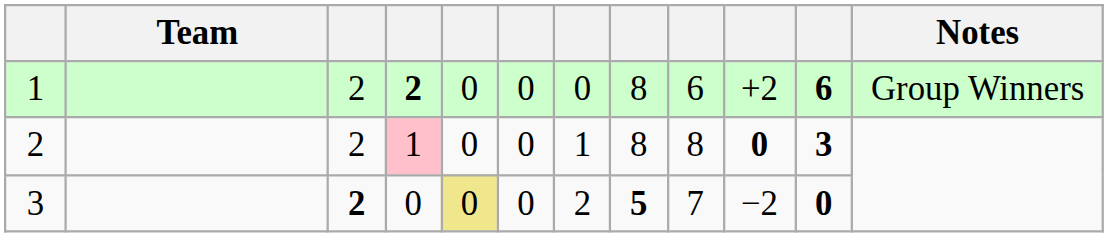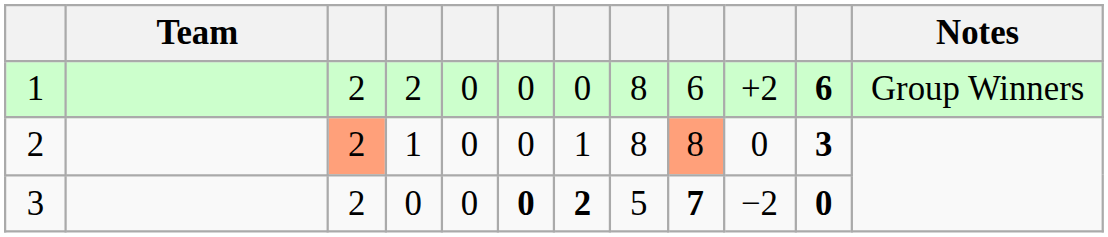 <table class="wikitable" style="text-align: center; font-size: 97%;">
 <tr>
 <th width="20"></th>
 <th width="110">Team</th>
 <th width="18"></th>
 <th width="18"></th>
 <th width="18"></th>
 <th width="18"></th>
 <th width="18"></th>
 <th width="18"></th>
 <th width="18"></th>
 <th width="25"></th>
 <th width="18"></th>
 <th width="105">Notes</th>
 </tr>
 <tr style="background-color: #ccffcc;">
 <td>1</td>
 <td align=left></td>
 <td>2</td>
-<td><strong>2</strong></td>
+<td>2</td>
 <td>0</td>
 <td>0</td>
 <td>0</td>
 <td>8</td>
 <td>6</td>
 <td>+2</td>
 <td><strong>6</strong></td>
 <td>Group Winners</td>
 </tr>
 <tr>
 <td>2</td>
 <td align=left></td>
-<td>2</td>
-<td style="background: pink;">1</td>
+<td style="background: lightsalmon;">2</td>
+<td>1</td>
 <td>0</td>
 <td>0</td>
 <td>1</td>
 <td>8</td>
-<td>8</td>
-<td><strong>0</strong></td>
+<td style="background: lightsalmon;">8</td>
+<td>0</td>
 <td><strong>3</strong></td>
 <td rowspan="2"></td>
 </tr>
 <tr>
 <td>3</td>
 <td align=left></td>
+<td>2</td>
+<td>0</td>
+<td>0</td>
+<td><strong>0</strong></td>
 <td><strong>2</strong></td>
-<td>0</td>
-<td style="background: khaki;">0</td>
-<td>0</td>
-<td>2</td>
-<td><strong>5</strong></td>
-<td>7</td>
+<td>5</td>
+<td><strong>7</strong></td>
 <td>−2</td>
 <td><strong>0</strong></td>
 </tr>
 </table>
